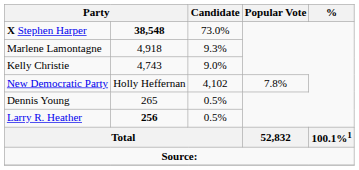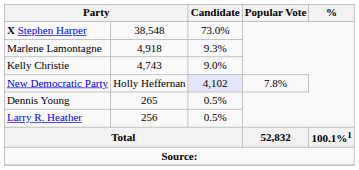 <table class="wikitable">
 <tr>
 <th colspan="2">Party</th>
 <th>Candidate</th>
 <th>Popular Vote</th>
 <th>%</th>
 </tr>
 <tr>
 <td> <strong>X</strong> <a href='#'>Stephen Harper</a></td>
-<td align=center><strong>38,548</strong></td>
+<td align=center>38,548</td>
 <td align=center>73.0%</td>
 </tr>
 <tr>
 <td>Marlene Lamontagne</td>
 <td align=center>4,918</td>
 <td align=center>9.3%</td>
 </tr>
 <tr>
 <td>Kelly Christie</td>
 <td align=center>4,743</td>
 <td align=center>9.0%</td>
 </tr>
 <tr>
 <td><a href='#'>New Democratic Party</a></td>
 <td>Holly Heffernan</td>
-<td align=center>4,102</td>
+<td align=center style="background: lavender;">4,102</td>
 <td align=center>7.8%</td>
 </tr>
 <tr>
 <td>Dennis Young</td>
 <td align=center>265</td>
 <td align=center>0.5%</td>
 </tr>
 <tr>
 <td><a href='#'>Larry R. Heather</a></td>
-<td align=center><strong>256</strong></td>
+<td align=center>256</td>
 <td align=center>0.5%</td>
 </tr>
 <tr>
 <th colspan=3>Total</th>
 <th>52,832</th>
 <th>100.1%<sup>1</sup></th>
 </tr>
 <tr>
 <td align="center" colspan=5><strong>Source:</strong> </td>
 </tr>
 <tr>
 </tr>
 </table>
